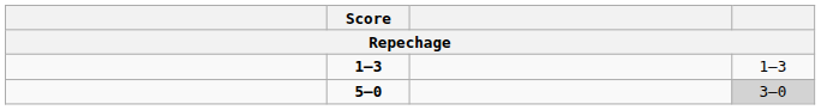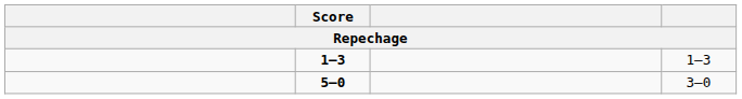 <table class="wikitable" style="text-align: left; ">
 <tr>
 <th align="right" width="270"></th>
 <th width="65">Score</th>
 <th align="left" width="270"></th>
 <th width="65"></th>
 </tr>
 <tr>
 <th colspan=4>Repechage</th>
 </tr>
 <tr>
 <td></td>
 <td align="center"><strong>1–3</strong></td>
 <td><strong></strong></td>
 <td align=center>1–3 <strong></strong></td>
 </tr>
 <tr>
 <td><strong></strong></td>
 <td align="center"><strong>5–0</strong></td>
 <td></td>
-<td align=center style="background: lightgrey;">3–0 <strong></strong></td>
+<td align=center>3–0 <strong></strong></td>
 </tr>
 </table>
